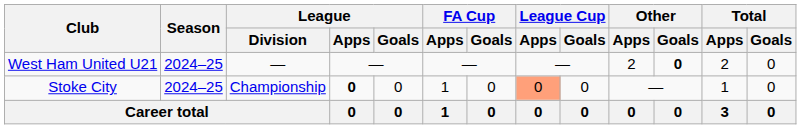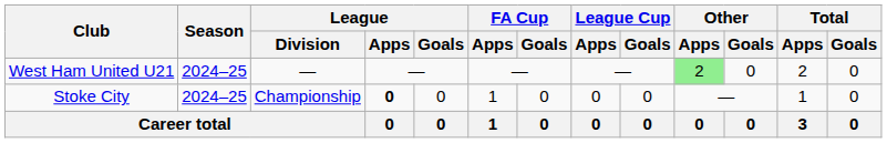 <table class="wikitable" style="text-align: center;">
 <tr>
 <th rowspan="2">Club</th>
 <th rowspan="2">Season</th>
 <th colspan="3">League</th>
 <th colspan="2"><a href='#'>FA Cup</a></th>
 <th colspan="2"><a href='#'>League Cup</a></th>
 <th colspan="2">Other</th>
 <th colspan="2">Total</th>
 </tr>
 <tr>
 <th>Division</th>
 <th>Apps</th>
 <th>Goals</th>
 <th>Apps</th>
 <th>Goals</th>
 <th>Apps</th>
 <th>Goals</th>
 <th>Apps</th>
 <th>Goals</th>
 <th>Apps</th>
 <th>Goals</th>
 </tr>
 <tr>
 <td><a href='#'>West Ham United U21</a></td>
 <td><a href='#'>2024–25</a></td>
 <td colspan=1>—</td>
 <td colspan=2>—</td>
 <td colspan=2>—</td>
 <td colspan=2>—</td>
-<td>2</td>
-<td><strong>0</strong></td>
+<td style="background: lightgreen;">2</td>
+<td>0</td>
 <td>2</td>
 <td>0</td>
 </tr>
 <tr>
 <td><a href='#'>Stoke City</a></td>
 <td><a href='#'>2024–25</a></td>
 <td><a href='#'>Championship</a></td>
 <td><strong>0</strong></td>
 <td>0</td>
 <td>1</td>
 <td>0</td>
-<td style="background: lightsalmon;">0</td>
+<td>0</td>
 <td>0</td>
 <td colspan=2>—</td>
 <td>1</td>
 <td>0</td>
 </tr>
 <tr>
 <th colspan="3">Career total</th>
 <th>0</th>
 <th>0</th>
 <th>1</th>
 <th>0</th>
 <th>0</th>
 <th>0</th>
 <th>0</th>
 <th>0</th>
 <th>3</th>
 <th>0</th>
 </tr>
 </table>
